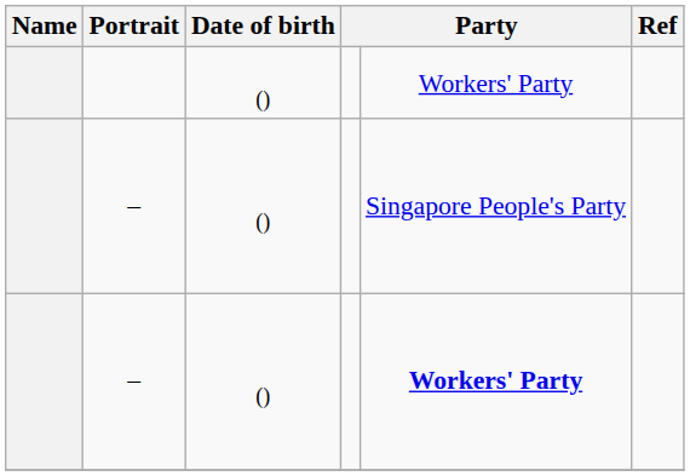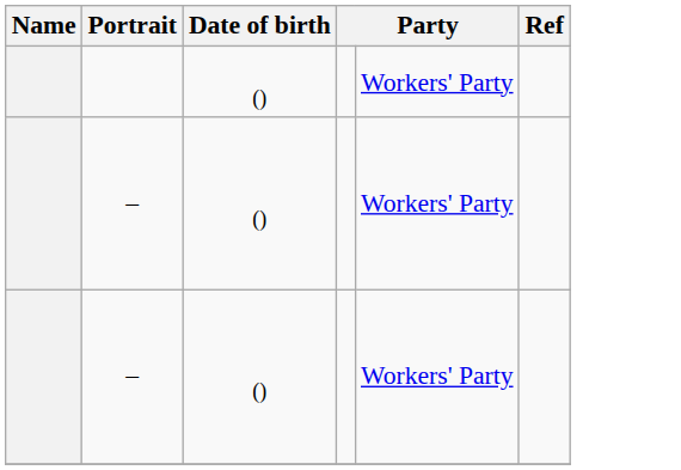 <table class="wikitable plainrowheaders sortable">
 <tr align="center">
 <th scope=col>Name</th>
 <th scope="col" class="unsortable">Portrait</th>
 <th scope=col>Date of birth<br></th>
 <th scope=col colspan="2">Party</th>
 <th scope=col class="unsortable">Ref</th>
 </tr>
 <tr align="center">
 <th scope="row" style="text-align:center"></th>
 <td></td>
 <td><br><small>()</small></td>
 <td width="4px"></td>
 <td><a href='#'>Workers' Party</a></td>
 <td></td>
 </tr>
 <tr align="center">
 <th scope="row" style="text-align:center"></th>
 <td height=100px>–</td>
 <td><br><small>()</small></td>
 <td width="4px"></td>
-<td><a href='#'>Singapore People's Party</a></td>
+<td><a href='#'>Workers' Party</a></td>
 <td></td>
 </tr>
 <tr align="center">
 <th scope="row" style="text-align:center"></th>
 <td height=100px>–</td>
 <td><br><small>()</small></td>
 <td width="4px"></td>
-<td><strong><a href='#'>Workers' Party</a></strong></td>
+<td><a href='#'>Workers' Party</a></td>
 <td></td>
 </tr>
 <tr align="center">
 </tr>
 </table>
